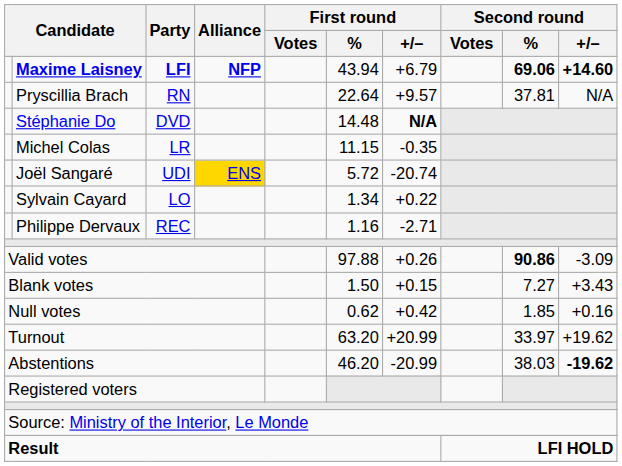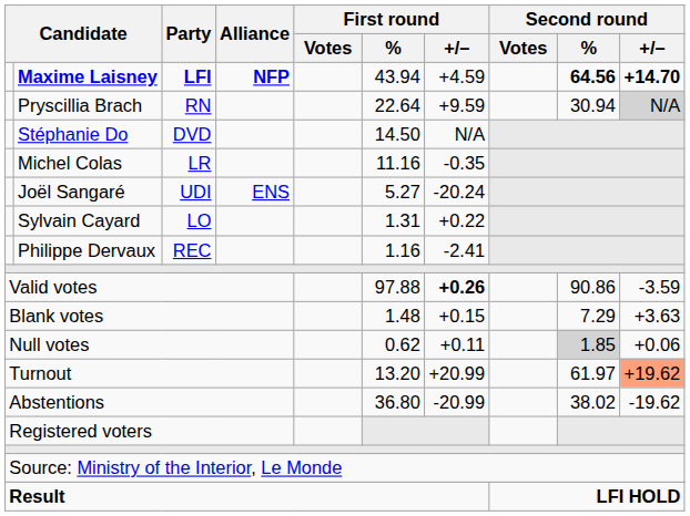 <table class="wikitable" style="text-align:right;font-size:95%;">
 <tr>
 <th rowspan="2" colspan="2">Candidate</th>
 <th rowspan="2">Party</th>
 <th rowspan="2">Alliance</th>
 <th colspan="3">First round</th>
 <th colspan="3">Second round</th>
 </tr>
 <tr>
 <th style="width:50px;">Votes</th>
 <th style="width:45px;">%</th>
 <th style="width:45px;">+/–</th>
 <th style="width:50px;">Votes</th>
 <th style="width:45px;">%</th>
 <th style="width:45px;">+/–</th>
 </tr>
 <tr>
 <td style="color:inherit;background:"></td>
 <td style="text-align:left;"><strong><a href='#'>Maxime Laisney</a></strong></td>
 <td><a href='#'><strong>LFI</strong></a></td>
 <td><a href='#'><strong>NFP</strong></a></td>
 <td></td>
 <td>43.94</td>
-<td>+6.79</td>
+<td>+4.59</td>
 <td><strong></strong></td>
-<td><strong>69.06</strong></td>
-<td><strong>+14.60</strong></td>
+<td><strong>64.56</strong></td>
+<td><strong>+14.70</strong></td>
 </tr>
 <tr>
 <td style="color:inherit;background:"></td>
 <td style="text-align:left;">Pryscillia Brach</td>
 <td><a href='#'>RN</a></td>
 <td></td>
 <td></td>
 <td>22.64</td>
-<td>+9.57</td>
+<td>+9.59</td>
 <td></td>
-<td>37.81</td>
-<td>N/A</td>
+<td>30.94</td>
+<td style="background: lightgrey;">N/A</td>
 </tr>
 <tr>
 <td style="color:inherit;background:"></td>
 <td style="text-align:left;"><a href='#'>Stéphanie Do</a></td>
 <td><a href='#'>DVD</a></td>
 <td></td>
 <td></td>
-<td>14.48</td>
-<td><strong>N/A</strong></td>
+<td>14.50</td>
+<td>N/A</td>
 <td colspan="3" style="background:#E9E9E9;"></td>
 </tr>
 <tr>
 <td style="color:inherit;background:"></td>
 <td style="text-align:left;">Michel Colas</td>
 <td><a href='#'>LR</a></td>
 <td></td>
 <td></td>
-<td>11.15</td>
+<td>11.16</td>
 <td>-0.35</td>
 <td colspan="3" style="background:#E9E9E9;"></td>
 </tr>
 <tr>
 <td style="color:inherit;background:"></td>
 <td style="text-align:left;">Joël Sangaré</td>
 <td><a href='#'>UDI</a></td>
-<td style="background: gold;"><a href='#'>ENS</a></td>
+<td><a href='#'>ENS</a></td>
 <td></td>
-<td>5.72</td>
-<td>-20.74</td>
+<td>5.27</td>
+<td>-20.24</td>
 <td colspan="3" style="background:#E9E9E9;"></td>
 </tr>
 <tr>
 <td style="color:inherit;background:"></td>
 <td style="text-align:left;">Sylvain Cayard</td>
 <td><a href='#'>LO</a></td>
 <td></td>
 <td></td>
-<td>1.34</td>
+<td>1.31</td>
 <td>+0.22</td>
 <td colspan="3" style="background:#E9E9E9;"></td>
 </tr>
 <tr>
 <td style="color:inherit;background:"></td>
 <td style="text-align:left;">Philippe Dervaux</td>
 <td><a href='#'>REC</a></td>
 <td></td>
 <td></td>
 <td>1.16</td>
-<td>-2.71</td>
+<td>-2.41</td>
 <td colspan="3" style="background:#E9E9E9;"></td>
 </tr>
 <tr>
 <td colspan="10" style="background:#E9E9E9;"></td>
 </tr>
 <tr>
 <td colspan="4" style="text-align:left;">Valid votes</td>
 <td></td>
 <td>97.88</td>
-<td>+0.26</td>
+<td><strong>+0.26</strong></td>
 <td></td>
-<td><strong>90.86</strong></td>
-<td>-3.09</td>
+<td>90.86</td>
+<td>-3.59</td>
 </tr>
 <tr>
 <td colspan="4" style="text-align:left;">Blank votes</td>
 <td></td>
-<td>1.50</td>
+<td>1.48</td>
 <td>+0.15</td>
 <td></td>
-<td>7.27</td>
-<td>+3.43</td>
+<td>7.29</td>
+<td>+3.63</td>
 </tr>
 <tr>
 <td colspan="4" style="text-align:left;">Null votes</td>
 <td></td>
 <td>0.62</td>
-<td>+0.42</td>
+<td>+0.11</td>
 <td></td>
-<td>1.85</td>
-<td>+0.16</td>
+<td style="background: lightgrey;">1.85</td>
+<td>+0.06</td>
 </tr>
 <tr>
 <td colspan="4" style="text-align:left;">Turnout</td>
 <td></td>
-<td>63.20</td>
+<td>13.20</td>
 <td>+20.99</td>
 <td></td>
-<td>33.97</td>
-<td>+19.62</td>
+<td>61.97</td>
+<td style="background: lightsalmon;">+19.62</td>
 </tr>
 <tr>
 <td colspan="4" style="text-align:left;">Abstentions</td>
 <td></td>
-<td>46.20</td>
+<td>36.80</td>
 <td>-20.99</td>
 <td></td>
-<td>38.03</td>
-<td><strong>-19.62</strong></td>
+<td>38.02</td>
+<td>-19.62</td>
 </tr>
 <tr>
 <td colspan="4" style="text-align:left;">Registered voters</td>
 <td></td>
 <td colspan="2" style="background:#E9E9E9;"></td>
 <td></td>
 <td colspan="2" style="background:#E9E9E9;"></td>
 </tr>
 <tr>
 <td colspan="10" style="background:#E9E9E9;"></td>
 </tr>
 <tr>
 <td colspan="10" style="text-align:left;">Source: <a href='#'>Ministry of the Interior</a>, <a href='#'>Le Monde</a></td>
 </tr>
 <tr>
 </tr>
 <tr style="font-weight:bold">
 <td colspan="7" style="text-align:left;">Result</td>
 <td colspan="7" style="background-color:">LFI HOLD</td>
 </tr>
 </table>
